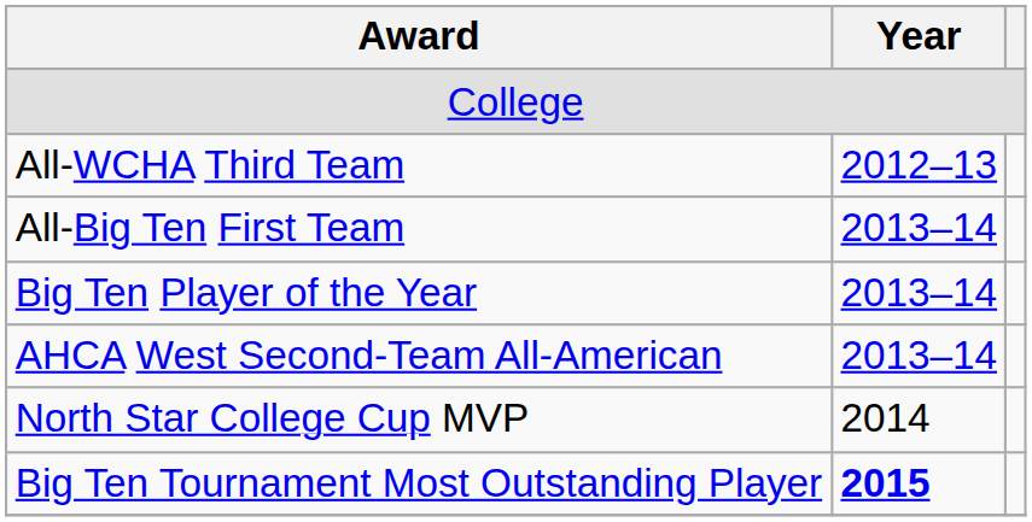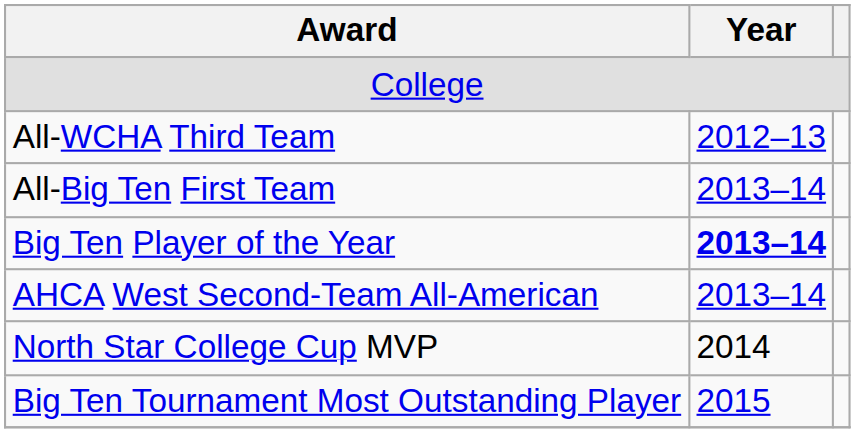 <table class="wikitable">
 <tr>
 <th>Award</th>
 <th>Year</th>
 <th></th>
 </tr>
 <tr ALIGN="center" bgcolor="#e0e0e0">
 <td colspan="3"><a href='#'>College</a></td>
 </tr>
 <tr>
 <td>All-<a href='#'>WCHA</a> <a href='#'>Third Team</a></td>
 <td><a href='#'>2012–13</a></td>
 <td></td>
 </tr>
 <tr>
 <td>All-<a href='#'>Big Ten</a> <a href='#'>First Team</a></td>
 <td><a href='#'>2013–14</a></td>
 <td></td>
 </tr>
 <tr>
 <td><a href='#'>Big Ten</a> <a href='#'>Player of the Year</a></td>
-<td><a href='#'>2013–14</a></td>
+<td><strong><a href='#'>2013–14</a></strong></td>
 <td></td>
 </tr>
 <tr>
 <td><a href='#'>AHCA</a> <a href='#'>West Second-Team All-American</a></td>
 <td><a href='#'>2013–14</a></td>
 <td></td>
 </tr>
 <tr>
 <td><a href='#'>North Star College Cup</a> MVP</td>
 <td>2014</td>
 <td></td>
 </tr>
 <tr>
 <td><a href='#'>Big Ten Tournament Most Outstanding Player</a></td>
-<td><strong><a href='#'>2015</a></strong></td>
+<td><a href='#'>2015</a></td>
 <td></td>
 </tr>
 <tr>
 </tr>
 </table>
